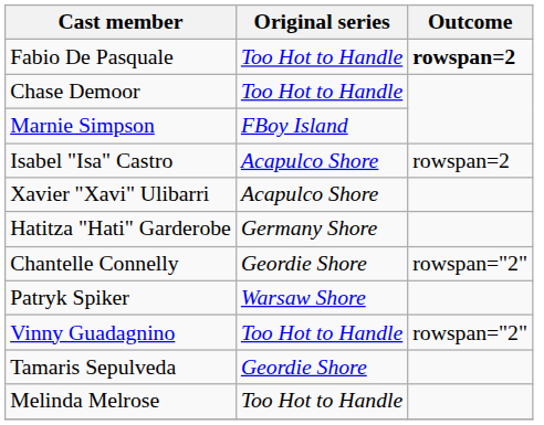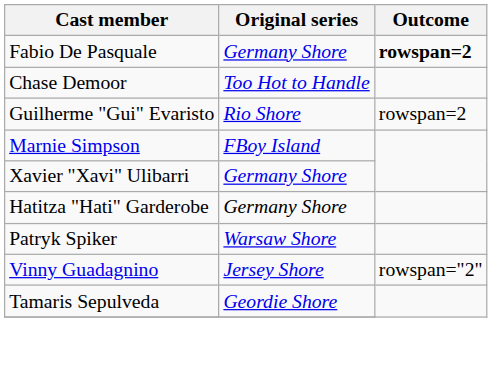 <table class="wikitable" style="text-align:left">
 <tr>
 <th>Cast member</th>
 <th>Original series</th>
 <th>Outcome</th>
 </tr>
 <tr>
 <td>Fabio De Pasquale</td>
-<td nowrap><em><a href='#'>Too Hot to Handle</a></em></td>
+<td><em><a href='#'>Germany Shore</a></em></td>
 <td><strong>rowspan=2 </strong></td>
 </tr>
 <tr>
 <td>Chase Demoor</td>
 <td nowrap><em><a href='#'>Too Hot to Handle</a></em></td>
 </tr>
 <tr>
+<td nowrap>Guilherme "Gui" Evaristo</td>
+<td><em><a href='#'>Rio Shore</a></em></td>
+<td>rowspan=2 </td>
+</tr>
+<tr>
 <td><a href='#'>Marnie Simpson</a></td>
 <td><em><a href='#'>FBoy Island</a></em></td>
 </tr>
 <tr>
-<td>Isabel "Isa" Castro</td>
-<td><em><a href='#'>Acapulco Shore</a></em></td>
-<td>rowspan=2 </td>
-</tr>
-<tr>
 <td>Xavier "Xavi" Ulibarri</td>
-<td><em>Acapulco Shore</em></td>
+<td><em><a href='#'>Germany Shore</a></em></td>
 </tr>
 <tr>
 <td nowrap>Hatitza "Hati" Garderobe</td>
 <td><em>Germany Shore</em></td>
 <td></td>
 </tr>
 <tr>
-<td>Chantelle Connelly</td>
-<td><em>Geordie Shore</em></td>
-<td>rowspan="2" </td>
-</tr>
-<tr>
 <td>Patryk Spiker</td>
 <td><em><a href='#'>Warsaw Shore</a></em></td>
 </tr>
 <tr>
 <td><a href='#'>Vinny Guadagnino</a></td>
-<td nowrap><em><a href='#'>Too Hot to Handle</a></em></td>
+<td><a href='#'><em>Jersey Shore</em></a></td>
 <td>rowspan="2" </td>
 </tr>
 <tr>
 <td>Tamaris Sepulveda</td>
 <td><em><a href='#'>Geordie Shore</a></em></td>
 </tr>
 <tr>
-<td>Melinda Melrose</td>
-<td><em>Too Hot to Handle</em></td>
-<td></td>
-</tr>
-<tr>
 </tr>
 </table>
